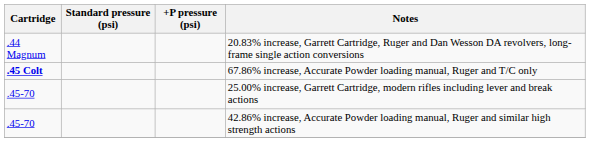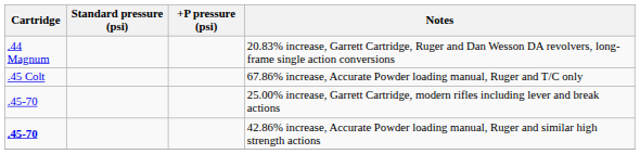 <table class="wikitable">
 <tr>
 <th>Cartridge</th>
 <th>Standard pressure (psi)</th>
 <th>+P pressure (psi)</th>
 <th>Notes</th>
 </tr>
 <tr>
 <td><a href='#'>.44 Magnum</a></td>
 <td></td>
 <td></td>
 <td>20.83% increase, Garrett Cartridge, Ruger and Dan Wesson DA revolvers, long-frame single action conversions</td>
 </tr>
 <tr>
-<td><strong><a href='#'>.45 Colt</a></strong></td>
+<td><a href='#'>.45 Colt</a></td>
 <td></td>
 <td></td>
 <td>67.86% increase, Accurate Powder loading manual, Ruger and T/C only</td>
 </tr>
 <tr>
 <td><a href='#'>.45-70</a></td>
 <td></td>
 <td></td>
 <td>25.00% increase, Garrett Cartridge, modern rifles including lever and break actions</td>
 </tr>
 <tr>
-<td><a href='#'>.45-70</a></td>
+<td><strong><a href='#'>.45-70</a></strong></td>
 <td></td>
 <td></td>
 <td>42.86% increase, Accurate Powder loading manual, Ruger and similar high strength actions</td>
 </tr>
 <tr>
 </tr>
 </table>
